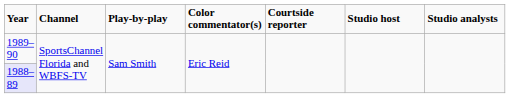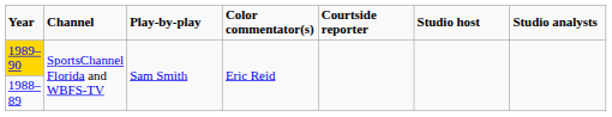 <table class="wikitable">
 <tr>
 <td width="40"><strong>Year</strong></td>
 <td width="40"><strong>Channel</strong></td>
 <td width="110"><strong>Play-by-play</strong></td>
 <td width="110"><strong>Color commentator(s)</strong></td>
 <td width="110"><strong>Courtside reporter</strong></td>
 <td width="110"><strong>Studio host</strong></td>
 <td width="110"><strong>Studio analysts</strong></td>
 </tr>
 <tr>
-<td><a href='#'>1989–90</a></td>
+<td style="background: gold;"><a href='#'>1989–90</a></td>
 <td rowspan=2><a href='#'>SportsChannel Florida</a> and <a href='#'>WBFS-TV</a></td>
 <td rowspan=2><a href='#'>Sam Smith</a></td>
 <td rowspan=2><a href='#'>Eric Reid</a></td>
 <td rowspan=2></td>
 <td rowspan=2></td>
 <td rowspan=2></td>
 </tr>
 <tr>
-<td style="background: lavender;"><a href='#'>1988–89</a></td>
+<td><a href='#'>1988–89</a></td>
 </tr>
 </table>
